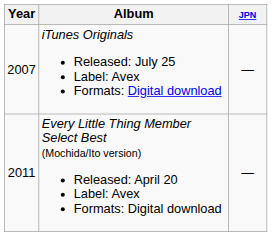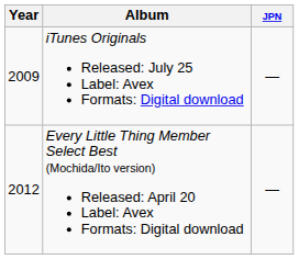 <table class="wikitable" style="text-align:center;">
 <tr>
 <th>Year</th>
 <th style="width:230px;">Album</th>
 <th style="width:3em;font-size:85%;"><small><a href='#'>JPN</a><br></small></th>
 </tr>
 <tr>
-<td>2007</td>
+<td>2009</td>
 <td align="left"><em>iTunes Originals</em><br><ul><li>Released: July 25</li><li>Label: Avex</li><li>Formats: <a href='#'>Digital download</a></li></ul></td>
 <td>—</td>
 </tr>
 <tr>
-<td>2011</td>
+<td>2012</td>
 <td align="left"><em>Every Little Thing Member Select Best</em><br><small>(Mochida/Ito version)</small><br><ul><li>Released: April 20</li><li>Label: Avex</li><li>Formats: Digital download</li></ul></td>
 <td>—</td>
 </tr>
 </table>
